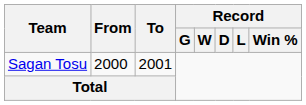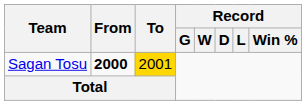 <table class="wikitable" style="text-align: center">
 <tr>
 <th rowspan="2">Team</th>
 <th rowspan="2">From</th>
 <th rowspan="2">To</th>
 <th colspan="5">Record</th>
 </tr>
 <tr>
 <th>G</th>
 <th>W</th>
 <th>D</th>
 <th>L</th>
 <th>Win %</th>
 </tr>
 <tr>
 <td align="left"><a href='#'>Sagan Tosu</a></td>
-<td align="left">2000</td>
-<td align="left">2001<br></td>
+<td align="left"><strong>2000</strong></td>
+<td align="left" style="background: gold;">2001<br></td>
 </tr>
 <tr>
 <th colspan="3">Total<br></th>
 </tr>
 </table>
